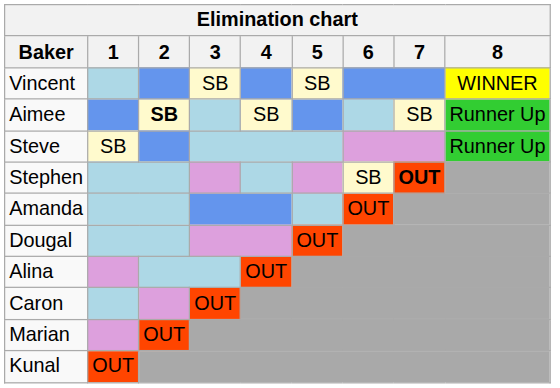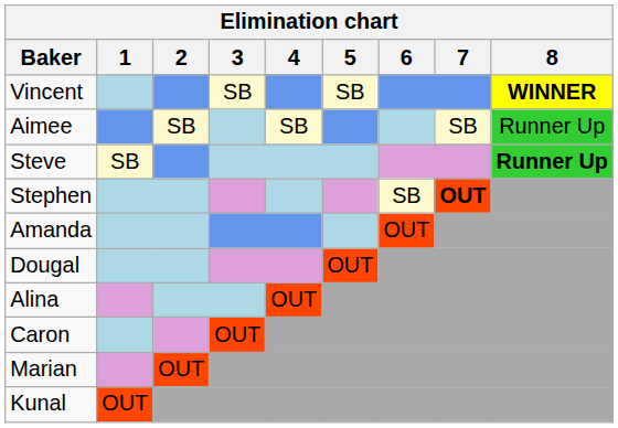 <table class="wikitable" style="text-align:center">
 <tr>
 <th ! colspan="16">Elimination chart</th>
 </tr>
 <tr 7373>
 <th>Baker</th>
 <th>1</th>
 <th>2</th>
 <th>3</th>
 <th>4</th>
 <th>5</th>
 <th>6</th>
 <th>7</th>
 <th>8</th>
 </tr>
 <tr>
 <td align="left">Vincent</td>
 <td style="background:Lightblue;"></td>
 <td style="background:Cornflowerblue;"></td>
 <td style="background:LemonChiffon;">SB</td>
 <td style="background:Cornflowerblue;"></td>
 <td style="background:LemonChiffon;">SB</td>
 <td colspan="2" style="background:Cornflowerblue;"></td>
-<td style="background:Yellow;">WINNER</td>
+<td style="background:Yellow;"><strong>WINNER</strong></td>
 </tr>
 <tr>
 <td align="left">Aimee</td>
 <td style="background:Cornflowerblue;"></td>
-<td style="background:LemonChiffon;"><strong>SB</strong></td>
+<td style="background:LemonChiffon;">SB</td>
 <td colspan="1" style="background:Lightblue;"></td>
 <td style="background:LemonChiffon;">SB</td>
 <td style="background:Cornflowerblue;"></td>
 <td colspan="1" style="background:Lightblue;"></td>
 <td style="background:LemonChiffon;">SB</td>
 <td style="background:LimeGreen;">Runner Up</td>
 </tr>
 <tr>
 <td align="left">Steve</td>
 <td style="background:LemonChiffon;">SB</td>
 <td style="background:Cornflowerblue;"></td>
 <td colspan="3" style="background:Lightblue;"></td>
 <td colspan="2" style="background:Plum;"></td>
-<td style="background:LimeGreen;">Runner Up</td>
+<td style="background:LimeGreen;"><strong>Runner Up</strong></td>
 </tr>
 <tr>
 <td align="left">Stephen</td>
 <td colspan="2" style="background:Lightblue;"></td>
 <td style="background:Plum;"></td>
 <td style="background:Lightblue;"></td>
 <td style="background:Plum;"></td>
 <td style="background:LemonChiffon;">SB</td>
 <td style="background:orangered;"><strong>OUT</strong></td>
 <td colspan="8" style="background:darkgrey;"></td>
 </tr>
 <tr>
 <td align="left">Amanda</td>
 <td colspan="2" style="background:Lightblue;"></td>
 <td colspan="2" style="background:Cornflowerblue;"></td>
 <td colspan="1" style="background:Lightblue;"></td>
 <td style="background:orangered;">OUT</td>
 <td colspan="5" style="background:darkgrey;"></td>
 </tr>
 <tr>
 <td align="left">Dougal</td>
 <td colspan="2" style="background:Lightblue;"></td>
 <td colspan="2" style="background:Plum;"></td>
 <td style="background:orangered;">OUT</td>
 <td colspan="4" style="background:darkgrey;"></td>
 </tr>
 <tr>
 <td align="left">Alina</td>
 <td style="background:Plum;"></td>
 <td colspan="2" style="background:Lightblue;"></td>
 <td style="background:orangered;">OUT</td>
 <td colspan="5" style="background:darkgrey;"></td>
 </tr>
 <tr>
 <td align="left">Caron</td>
 <td style="background:Lightblue;"></td>
 <td style="background:Plum;"></td>
 <td style="background:orangered;">OUT</td>
 <td colspan="5" style="background:darkgrey;"></td>
 </tr>
 <tr>
 <td align="left">Marian</td>
 <td style="background:Plum;"></td>
 <td style="background:orangered;">OUT</td>
 <td colspan="6" style="background:darkgrey;"></td>
 </tr>
 <tr>
 <td align="left">Kunal</td>
 <td style="background:orangered;">OUT</td>
 <td colspan="7" style="background:darkgrey;"></td>
 </tr>
 </table>
